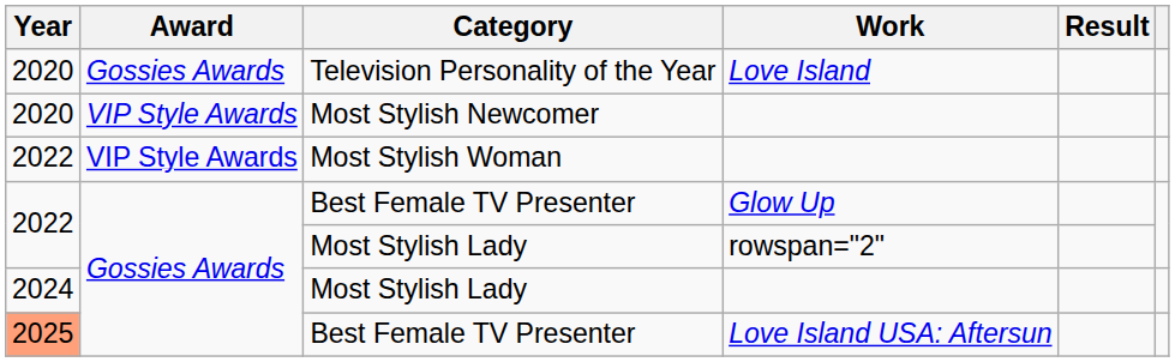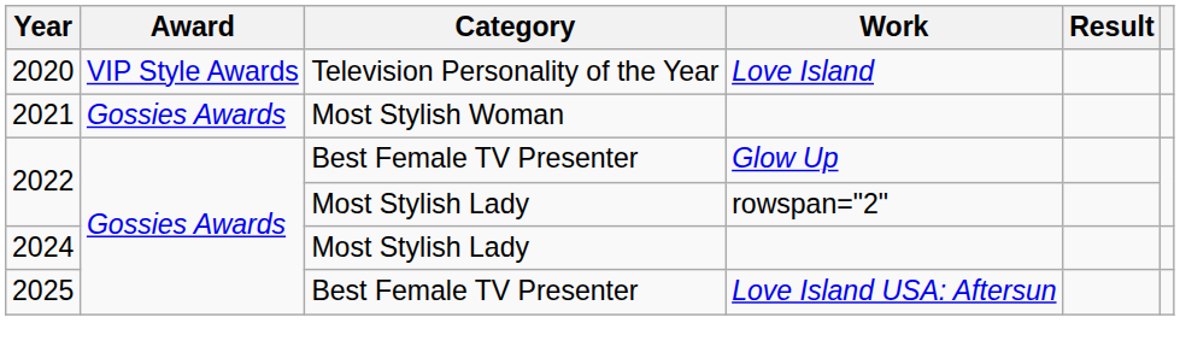 <table class="wikitable">
 <tr>
 <th>Year</th>
 <th>Award</th>
 <th>Category</th>
 <th>Work</th>
 <th>Result</th>
 <th></th>
 </tr>
 <tr>
 <td>2020</td>
-<td><a href='#'><em>Gossies Awards</em></a></td>
+<td><em><a href='#'></em>VIP Style Awards<em></a></em></td>
 <td>Television Personality of the Year</td>
 <td><em><a href='#'>Love Island</a></em></td>
 <td></td>
 <td align="center"></td>
 </tr>
 <tr>
-<td>2020</td>
-<td><em><a href='#'>VIP Style Awards</a></em></td>
-<td>Most Stylish Newcomer</td>
-<td></td>
-<td></td>
-<td></td>
-</tr>
-<tr>
-<td>2022</td>
-<td><em><a href='#'></em>VIP Style Awards<em></a></em></td>
+<td>2021</td>
+<td><a href='#'><em>Gossies Awards</em></a></td>
 <td>Most Stylish Woman</td>
 <td></td>
 <td></td>
 <td align="center"></td>
 </tr>
 <tr>
 <td rowspan="2">2022</td>
 <td rowspan="4"><a href='#'><em>Gossies Awards</em></a></td>
 <td>Best Female TV Presenter</td>
 <td><em><a href='#'>Glow Up</a></em></td>
 <td></td>
 <td align="center" rowspan="2"></td>
 </tr>
 <tr>
 <td>Most Stylish Lady</td>
 <td>rowspan="2" </td>
 <td></td>
 </tr>
 <tr>
 <td>2024</td>
 <td>Most Stylish Lady</td>
 <td></td>
 <td align="center"></td>
 </tr>
 <tr>
-<td style="background: lightsalmon;">2025</td>
+<td>2025</td>
 <td>Best Female  TV Presenter</td>
 <td><em><a href='#'>Love Island USA: Aftersun</a></em></td>
 <td></td>
 <td></td>
 </tr>
 </table>
